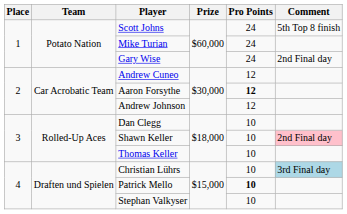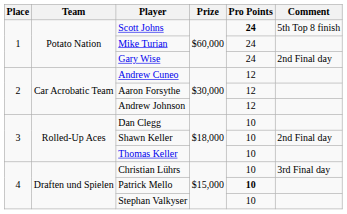 <table class="wikitable">
 <tr>
 <th>Place</th>
 <th>Team</th>
 <th>Player</th>
 <th>Prize</th>
 <th>Pro Points</th>
 <th>Comment</th>
 </tr>
 <tr>
 <td align=center rowspan=3>1</td>
 <td align=center rowspan=3>Potato Nation</td>
 <td> <a href='#'>Scott Johns</a></td>
 <td align=center rowspan=3>$60,000</td>
-<td align=center>24</td>
+<td align=center><strong>24</strong></td>
 <td>5th Top 8 finish</td>
 </tr>
 <tr>
 <td> <a href='#'>Mike Turian</a></td>
 <td align=center>24</td>
 <td></td>
 </tr>
 <tr>
 <td> <a href='#'>Gary Wise</a></td>
 <td align=center>24</td>
 <td>2nd Final day</td>
 </tr>
 <tr>
 <td align=center rowspan=3>2</td>
 <td align=center rowspan=3>Car Acrobatic Team</td>
 <td> <a href='#'>Andrew Cuneo</a></td>
 <td align=center rowspan=3>$30,000</td>
 <td align=center>12</td>
 <td></td>
 </tr>
 <tr>
 <td> Aaron Forsythe</td>
-<td align=center><strong>12</strong></td>
+<td align=center>12</td>
 <td></td>
 </tr>
 <tr>
 <td> Andrew Johnson</td>
 <td align=center>12</td>
 <td></td>
 </tr>
 <tr>
 <td align=center rowspan=3>3</td>
 <td align=center rowspan=3>Rolled-Up Aces</td>
 <td> Dan Clegg</td>
 <td align=center rowspan=3>$18,000</td>
 <td align=center>10</td>
 <td></td>
 </tr>
 <tr>
 <td> Shawn Keller</td>
 <td align=center>10</td>
-<td style="background: pink;">2nd Final day</td>
+<td>2nd Final day</td>
 </tr>
 <tr>
 <td> <a href='#'>Thomas Keller</a></td>
 <td align=center>10</td>
 <td></td>
 </tr>
 <tr>
 <td align=center rowspan=3>4</td>
 <td align=center rowspan=3>Draften und Spielen</td>
 <td> Christian Lührs</td>
 <td align=center rowspan=3>$15,000</td>
 <td align=center>10</td>
-<td style="background: lightblue;">3rd Final day</td>
+<td>3rd Final day</td>
 </tr>
 <tr>
 <td> Patrick Mello</td>
 <td align=center><strong>10</strong></td>
 <td></td>
 </tr>
 <tr>
 <td> Stephan Valkyser</td>
 <td align=center>10</td>
 <td></td>
 </tr>
 </table>
